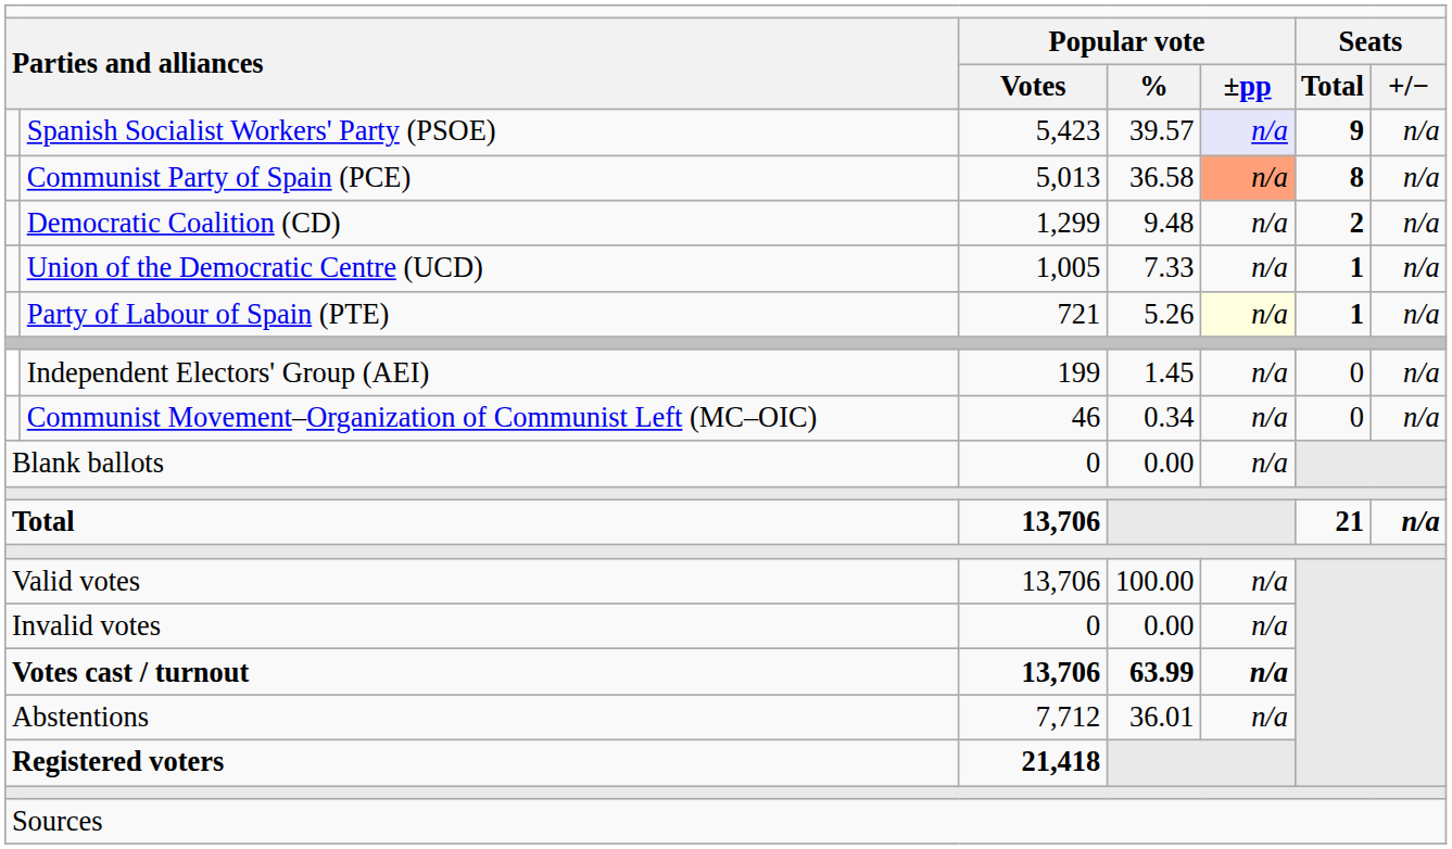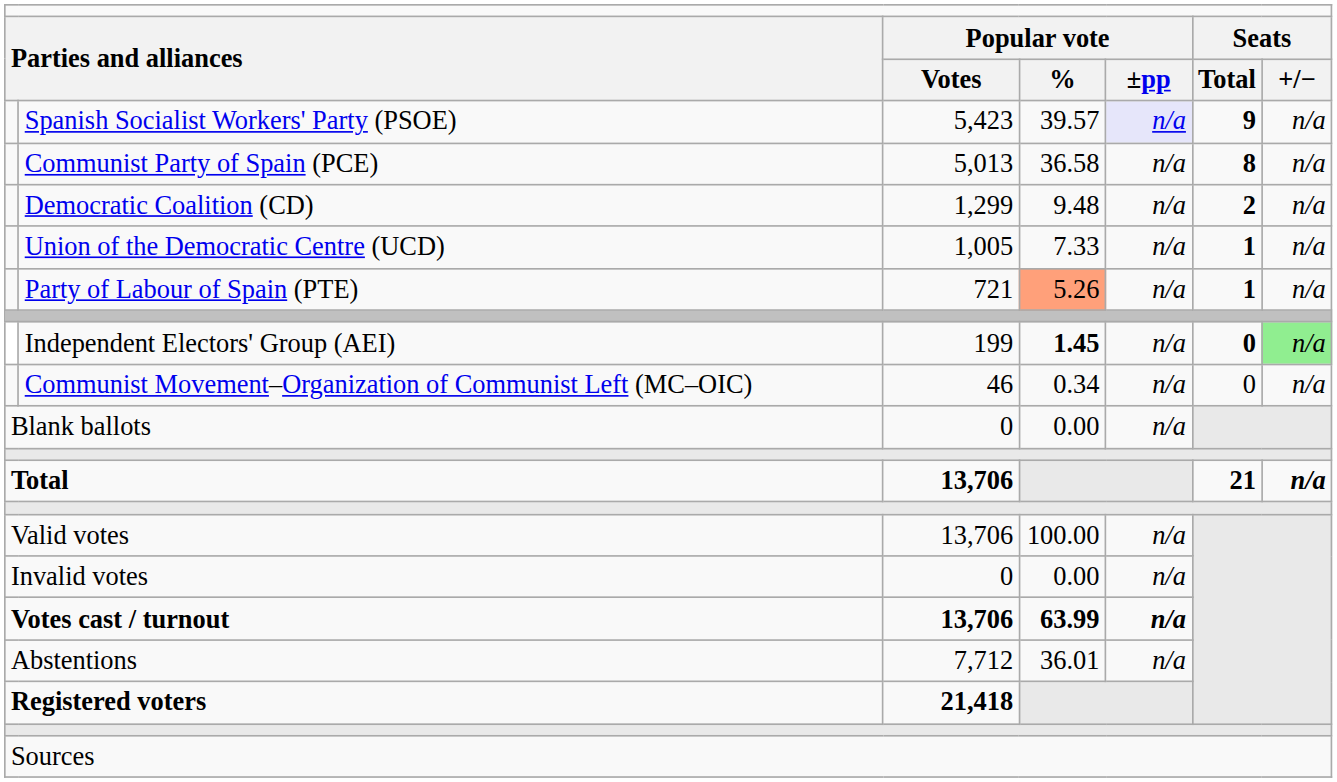 <table class="wikitable" style="text-align:right;">
 <tr>
 <td colspan="7"></td>
 </tr>
 <tr>
 <th style="text-align:left;" rowspan="2" colspan="2" width="525">Parties and alliances</th>
 <th colspan="3">Popular vote</th>
 <th colspan="2">Seats</th>
 </tr>
 <tr>
 <th width="75">Votes</th>
 <th width="45">%</th>
 <th width="45">±<a href='#'>pp</a></th>
 <th width="35">Total</th>
 <th width="35">+/−</th>
 </tr>
 <tr>
 <td width="1" style="color:inherit;background:"></td>
 <td align="left"><a href='#'>Spanish Socialist Workers' Party</a> (PSOE)</td>
 <td>5,423</td>
 <td>39.57</td>
 <td style="background: lavender;"><em><a href='#'>n/a</a></em></td>
 <td><strong>9</strong></td>
 <td><em>n/a</em></td>
 </tr>
 <tr>
 <td style="color:inherit;background:"></td>
 <td align="left"><a href='#'>Communist Party of Spain</a> (PCE)</td>
 <td>5,013</td>
 <td>36.58</td>
-<td style="background: lightsalmon;"><em>n/a</em></td>
+<td><em>n/a</em></td>
 <td><strong>8</strong></td>
 <td><em>n/a</em></td>
 </tr>
 <tr>
 <td style="color:inherit;background:"></td>
 <td align="left"><a href='#'>Democratic Coalition</a> (CD)</td>
 <td>1,299</td>
 <td>9.48</td>
 <td><em>n/a</em></td>
 <td><strong>2</strong></td>
 <td><em>n/a</em></td>
 </tr>
 <tr>
 <td style="color:inherit;background:"></td>
 <td align="left"><a href='#'>Union of the Democratic Centre</a> (UCD)</td>
 <td>1,005</td>
 <td>7.33</td>
 <td><em>n/a</em></td>
 <td><strong>1</strong></td>
 <td><em>n/a</em></td>
 </tr>
 <tr>
 <td style="color:inherit;background:"></td>
 <td align="left"><a href='#'>Party of Labour of Spain</a> (PTE)</td>
 <td>721</td>
-<td>5.26</td>
-<td style="background: lightyellow;"><em>n/a</em></td>
+<td style="background: lightsalmon;">5.26</td>
+<td><em>n/a</em></td>
 <td><strong>1</strong></td>
 <td><em>n/a</em></td>
 </tr>
 <tr>
 <td colspan="7" bgcolor="#C0C0C0"></td>
 </tr>
 <tr>
 <td bgcolor="white"></td>
 <td align="left">Independent Electors' Group (AEI)</td>
 <td>199</td>
-<td>1.45</td>
+<td><strong>1.45</strong></td>
 <td><em>n/a</em></td>
-<td>0</td>
-<td><em>n/a</em></td>
+<td><strong>0</strong></td>
+<td style="background: lightgreen;"><em>n/a</em></td>
 </tr>
 <tr>
 <td style="color:inherit;background:"></td>
 <td align="left"><a href='#'>Communist Movement</a>–<a href='#'>Organization of Communist Left</a> (MC–OIC)</td>
 <td>46</td>
 <td>0.34</td>
 <td><em>n/a</em></td>
 <td>0</td>
 <td><em>n/a</em></td>
 </tr>
 <tr>
 <td align="left" colspan="2">Blank ballots</td>
 <td>0</td>
 <td>0.00</td>
 <td><em>n/a</em></td>
 <td bgcolor="#E9E9E9" colspan="2"></td>
 </tr>
 <tr>
 <td colspan="7" bgcolor="#E9E9E9"></td>
 </tr>
 <tr style="font-weight:bold;">
 <td align="left" colspan="2">Total</td>
 <td>13,706</td>
 <td bgcolor="#E9E9E9" colspan="2"></td>
 <td>21</td>
 <td><em>n/a</em></td>
 </tr>
 <tr>
 <td colspan="7" bgcolor="#E9E9E9"></td>
 </tr>
 <tr>
 <td align="left" colspan="2">Valid votes</td>
 <td>13,706</td>
 <td>100.00</td>
 <td><em>n/a</em></td>
 <td bgcolor="#E9E9E9" colspan="2" rowspan="5"></td>
 </tr>
 <tr>
 <td align="left" colspan="2">Invalid votes</td>
 <td>0</td>
 <td>0.00</td>
 <td><em>n/a</em></td>
 </tr>
 <tr style="font-weight:bold;">
 <td align="left" colspan="2">Votes cast / turnout</td>
 <td>13,706</td>
 <td>63.99</td>
 <td><em>n/a</em></td>
 </tr>
 <tr>
 <td align="left" colspan="2">Abstentions</td>
 <td>7,712</td>
 <td>36.01</td>
 <td><em>n/a</em></td>
 </tr>
 <tr style="font-weight:bold;">
 <td align="left" colspan="2">Registered voters</td>
 <td>21,418</td>
 <td bgcolor="#E9E9E9" colspan="2"></td>
 </tr>
 <tr>
 <td colspan="7" bgcolor="#E9E9E9"></td>
 </tr>
 <tr>
 <td align="left" colspan="7">Sources</td>
 </tr>
 </table>
